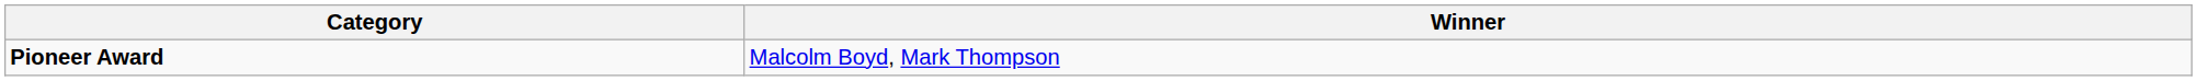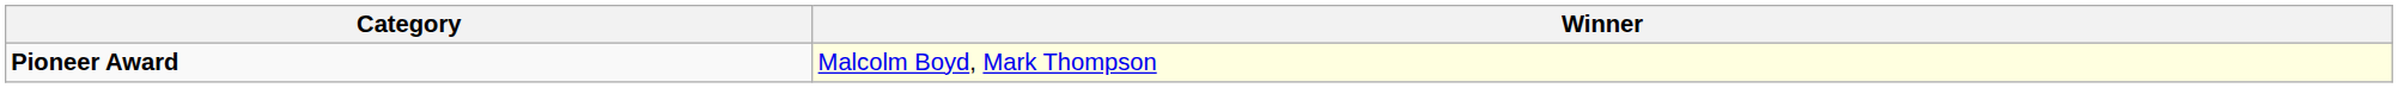 <table class="wikitable" width="100%">
 <tr>
 <th>Category</th>
 <th>Winner</th>
 </tr>
 <tr>
 <td><strong>Pioneer Award</strong></td>
-<td><a href='#'>Malcolm Boyd</a>, <a href='#'>Mark Thompson</a></td>
+<td style="background: lightyellow;"><a href='#'>Malcolm Boyd</a>, <a href='#'>Mark Thompson</a></td>
 </tr>
 </table>
